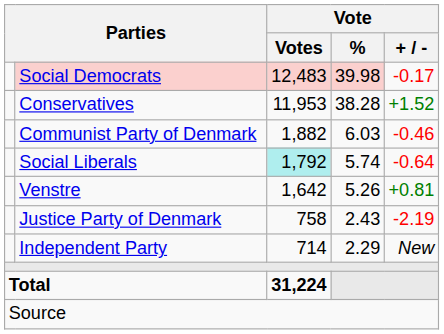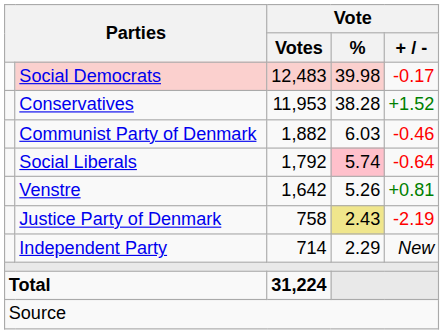 <table class="wikitable" style="text-align:right;">
 <tr>
 <th style="text-align:centre;" rowspan="2" colspan="2" width="225">Parties</th>
 <th colspan="3">Vote</th>
 </tr>
 <tr>
 <th width="15">Votes</th>
 <th width="15">%</th>
 <th width="15">+ / -</th>
 </tr>
 <tr>
 <td width="2" style="color:inherit;background:"></td>
 <td bgcolor=#fbd0ce  align="left"><a href='#'>Social Democrats</a></td>
 <td bgcolor=#fbd0ce>12,483</td>
 <td bgcolor=#fbd0ce>39.98</td>
 <td style=color:red;>-0.17</td>
 </tr>
 <tr>
 <td width="2" style="color:inherit;background:"></td>
 <td align="left"><a href='#'>Conservatives</a></td>
 <td>11,953</td>
 <td>38.28</td>
 <td style=color:green;>+1.52</td>
 </tr>
 <tr>
 <td width="2" style="color:inherit;background:"></td>
 <td align="left"><a href='#'>Communist Party of Denmark</a></td>
 <td>1,882</td>
 <td>6.03</td>
 <td style=color:red;>-0.46</td>
 </tr>
 <tr>
 <td width="2" style="color:inherit;background:"></td>
 <td align="left"><a href='#'>Social Liberals</a></td>
-<td style="background: paleturquoise;">1,792</td>
-<td>5.74</td>
+<td>1,792</td>
+<td style="background: pink;">5.74</td>
 <td style=color:red;>-0.64</td>
 </tr>
 <tr>
 <td width="2" style="color:inherit;background:"></td>
 <td align="left"><a href='#'>Venstre</a></td>
 <td>1,642</td>
 <td>5.26</td>
 <td style=color:green;>+0.81</td>
 </tr>
 <tr>
 <td width="2" style="color:inherit;background:"></td>
 <td align="left"><a href='#'>Justice Party of Denmark</a></td>
 <td>758</td>
-<td>2.43</td>
+<td style="background: khaki;">2.43</td>
 <td style=color:red;>-2.19</td>
 </tr>
 <tr>
 <td width="2" style="color:inherit;background:"></td>
 <td align="left"><a href='#'>Independent Party</a></td>
 <td>714</td>
 <td>2.29</td>
 <td><em>New</em></td>
 </tr>
 <tr>
 <td colspan="7" bgcolor="#E9E9E9"></td>
 </tr>
 <tr>
 <td align="left" colspan="2"><strong>Total</strong></td>
 <td><strong>31,224</strong></td>
 <td bgcolor="#E9E9E9" colspan="2"></td>
 </tr>
 <tr>
 <td align="left" colspan="6">Source</td>
 </tr>
 </table>
